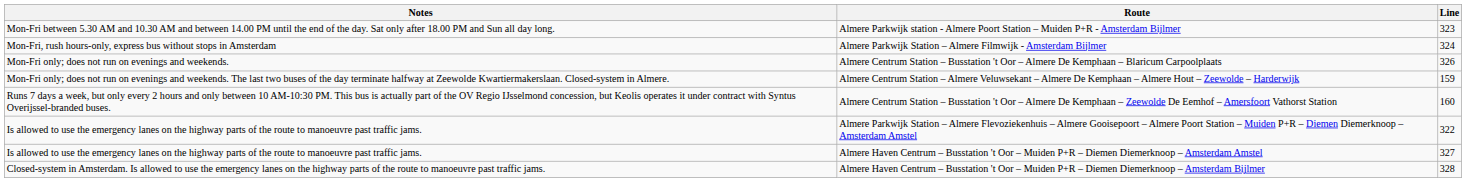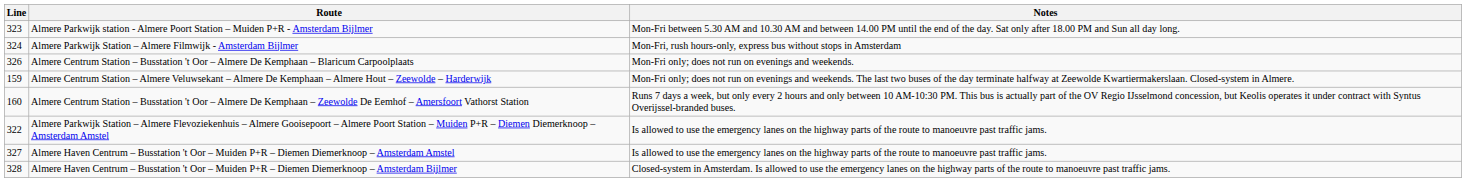 <table class="wikitable" style="font-size:85%;">
 <tr>
+<th>Line</th>
+<th>Route</th>
 <th>Notes</th>
-<th>Route</th>
-<th>Line</th>
 </tr>
 <tr>
+<td>323</td>
+<td>Almere Parkwijk station - Almere Poort Station – Muiden P+R - <a href='#'>Amsterdam Bijlmer</a></td>
 <td>Mon-Fri between 5.30 AM and 10.30 AM and between 14.00 PM until the end of the day. Sat only after 18.00 PM and Sun all day long.</td>
-<td>Almere Parkwijk station - Almere Poort Station – Muiden P+R - <a href='#'>Amsterdam Bijlmer</a></td>
-<td>323</td>
 </tr>
 <tr>
+<td>324</td>
+<td>Almere Parkwijk Station – Almere Filmwijk - <a href='#'>Amsterdam Bijlmer</a></td>
 <td>Mon-Fri, rush hours-only, express bus without stops in Amsterdam</td>
-<td>Almere Parkwijk Station – Almere Filmwijk - <a href='#'>Amsterdam Bijlmer</a></td>
-<td>324</td>
 </tr>
 <tr>
+<td>326</td>
+<td>Almere Centrum Station – Busstation 't Oor – Almere De Kemphaan – Blaricum Carpoolplaats</td>
 <td>Mon-Fri only; does not run on evenings and weekends.</td>
-<td>Almere Centrum Station – Busstation 't Oor – Almere De Kemphaan – Blaricum Carpoolplaats</td>
-<td>326</td>
 </tr>
 <tr>
+<td>159</td>
+<td>Almere Centrum Station – Almere Veluwsekant – Almere De Kemphaan – Almere Hout – <a href='#'>Zeewolde</a> – <a href='#'>Harderwijk</a></td>
 <td>Mon-Fri only; does not run on evenings and weekends. The last two buses of the day terminate halfway at Zeewolde Kwartiermakerslaan. Closed-system in Almere.</td>
-<td>Almere Centrum Station – Almere Veluwsekant – Almere De Kemphaan – Almere Hout – <a href='#'>Zeewolde</a> – <a href='#'>Harderwijk</a></td>
-<td>159</td>
 </tr>
 <tr>
+<td>160</td>
+<td>Almere Centrum Station – Busstation 't Oor – Almere De Kemphaan – <a href='#'>Zeewolde</a> De Eemhof – <a href='#'>Amersfoort</a> Vathorst Station</td>
 <td>Runs 7 days a week, but only every 2 hours and only between 10 AM-10:30 PM. This bus is actually part of the OV Regio IJsselmond concession, but Keolis operates it under contract with Syntus Overijssel-branded buses.</td>
-<td>Almere Centrum Station – Busstation 't Oor – Almere De Kemphaan – <a href='#'>Zeewolde</a> De Eemhof – <a href='#'>Amersfoort</a> Vathorst Station</td>
-<td>160</td>
 </tr>
 <tr>
+<td>322</td>
+<td>Almere Parkwijk Station – Almere Flevoziekenhuis – Almere Gooisepoort – Almere Poort Station – <a href='#'>Muiden</a> P+R – <a href='#'>Diemen</a> Diemerknoop – <a href='#'>Amsterdam Amstel</a></td>
 <td>Is allowed to use the emergency lanes on the highway parts of the route to manoeuvre past traffic jams.</td>
-<td>Almere Parkwijk Station – Almere Flevoziekenhuis – Almere Gooisepoort – Almere Poort Station – <a href='#'>Muiden</a> P+R – <a href='#'>Diemen</a> Diemerknoop – <a href='#'>Amsterdam Amstel</a></td>
-<td>322</td>
 </tr>
 <tr>
+<td>327</td>
+<td>Almere Haven Centrum – Busstation 't Oor – Muiden P+R – Diemen Diemerknoop – <a href='#'>Amsterdam Amstel</a></td>
 <td>Is allowed to use the emergency lanes on the highway parts of the route to manoeuvre past traffic jams.</td>
-<td>Almere Haven Centrum – Busstation 't Oor – Muiden P+R – Diemen Diemerknoop – <a href='#'>Amsterdam Amstel</a></td>
-<td>327</td>
 </tr>
 <tr>
+<td>328</td>
+<td>Almere Haven Centrum – Busstation 't Oor – Muiden P+R – Diemen Diemerknoop – <a href='#'>Amsterdam Bijlmer</a></td>
 <td>Closed-system in Amsterdam. Is allowed to use the emergency lanes on the highway parts of the route to manoeuvre past traffic jams.</td>
-<td>Almere Haven Centrum – Busstation 't Oor – Muiden P+R – Diemen Diemerknoop – <a href='#'>Amsterdam Bijlmer</a></td>
-<td>328</td>
 </tr>
 </table>
